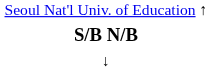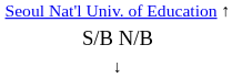 <table style="text-align:center;">
 <tr>
 <td><small> <a href='#'>Seoul Nat'l Univ. of Education</a> ↑ </small></td>
 </tr>
 <tr>
-<td><strong><span>S/B</span>   <span>N/B</span></strong></td>
+<td><span>S/B</span>   <span>N/B</span></td>
 </tr>
 <tr>
 <td><small> ↓  </small></td>
 </tr>
 </table>
